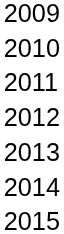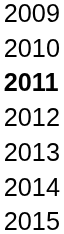 <table>
 <tr>
 <td>2009</td>
 <td></td>
 <td></td>
 <td></td>
 </tr>
 <tr>
 <td>2010</td>
 <td></td>
 <td></td>
 <td></td>
 </tr>
 <tr>
-<td>2011</td>
+<td><strong>2011</strong></td>
 <td></td>
 <td></td>
 <td></td>
 </tr>
 <tr>
 <td>2012</td>
 <td></td>
 <td></td>
 <td></td>
 </tr>
 <tr>
 <td>2013</td>
 <td></td>
 <td></td>
 <td></td>
 </tr>
 <tr>
 <td>2014</td>
 <td></td>
 <td></td>
 <td></td>
 </tr>
 <tr>
 <td>2015</td>
 <td></td>
 <td></td>
 <td></td>
 </tr>
 <tr>
 </tr>
 </table>
